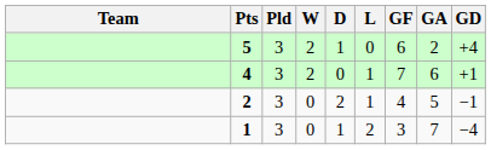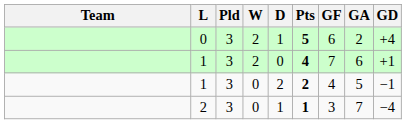 <table class=wikitable style=text-align:center>
 <tr>
 <th width=200>Team</th>
-<th width=20>Pts</th>
+<th width=20>L</th>
 <th width=20>Pld</th>
 <th width=20>W</th>
 <th width=20>D</th>
-<th width=20>L</th>
+<th width=20>Pts</th>
 <th width=20>GF</th>
 <th width=20>GA</th>
 <th width=20>GD</th>
 </tr>
 <tr style="background:#ccffcc;">
 <td align=left></td>
-<td><strong>5</strong></td>
+<td>0</td>
 <td>3</td>
 <td>2</td>
 <td>1</td>
-<td>0</td>
+<td><strong>5</strong></td>
 <td>6</td>
 <td>2</td>
 <td>+4</td>
 </tr>
 <tr style="background:#ccffcc;">
 <td align=left></td>
-<td><strong>4</strong></td>
+<td>1</td>
 <td>3</td>
 <td>2</td>
 <td>0</td>
-<td>1</td>
+<td><strong>4</strong></td>
 <td>7</td>
 <td>6</td>
 <td>+1</td>
 </tr>
 <tr>
 <td align=left></td>
-<td><strong>2</strong></td>
+<td>1</td>
 <td>3</td>
 <td>0</td>
 <td>2</td>
-<td>1</td>
+<td><strong>2</strong></td>
 <td>4</td>
 <td>5</td>
 <td>−1</td>
 </tr>
 <tr>
 <td align=left></td>
-<td><strong>1</strong></td>
+<td>2</td>
 <td>3</td>
 <td>0</td>
 <td>1</td>
-<td>2</td>
+<td><strong>1</strong></td>
 <td>3</td>
 <td>7</td>
 <td>−4</td>
 </tr>
 </table>
